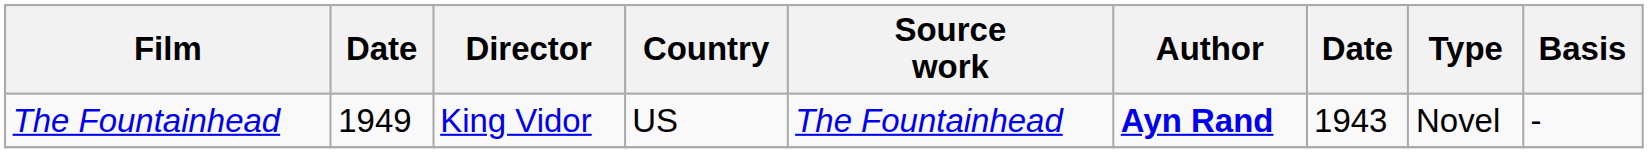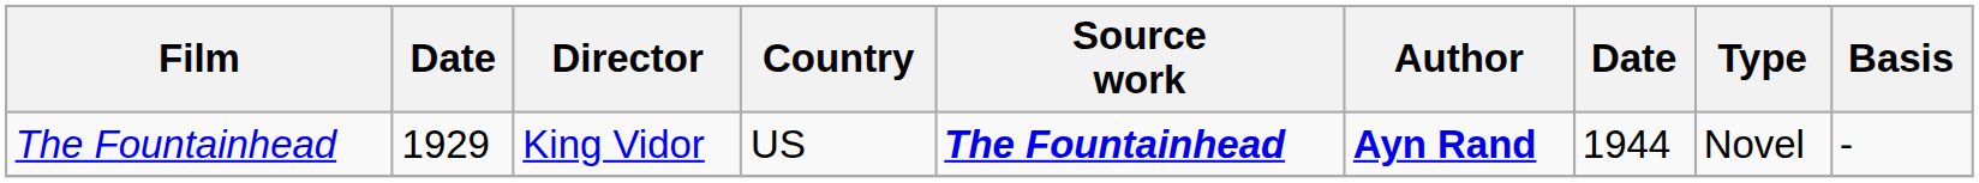 <table class="wikitable" style=width:90%>
 <tr bgcolor="#CCCCCC">
 <th>Film</th>
 <th>Date</th>
 <th>Director</th>
 <th>Country</th>
 <th>Source<br>work</th>
 <th>Author</th>
 <th>Date</th>
 <th>Type</th>
 <th>Basis</th>
 </tr>
 <tr>
 <td><em><a href='#'>The Fountainhead</a></em></td>
-<td>1949</td>
+<td>1929</td>
 <td><a href='#'>King Vidor</a></td>
 <td>US</td>
-<td><em><a href='#'>The Fountainhead</a></em></td>
+<td><strong><em><a href='#'>The Fountainhead</a></em></strong></td>
 <td><strong><a href='#'>Ayn Rand</a></strong></td>
-<td>1943</td>
+<td>1944</td>
 <td>Novel</td>
 <td>-</td>
 </tr>
 <tr>
 </tr>
 </table>
